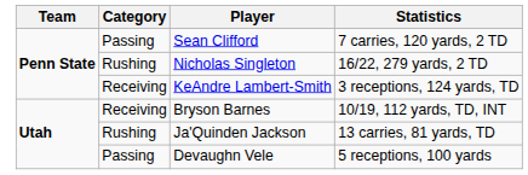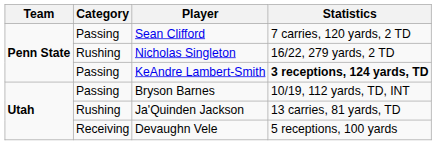 <table class="wikitable" style="float: right;">
 <tr>
 <th>Team</th>
 <th>Category</th>
 <th>Player</th>
 <th>Statistics</th>
 </tr>
 <tr>
 <td rowspan=3><strong>Penn State</strong></td>
 <td>Passing</td>
 <td><a href='#'>Sean Clifford</a></td>
 <td>7 carries, 120 yards, 2 TD</td>
 </tr>
 <tr>
 <td>Rushing</td>
 <td><a href='#'>Nicholas Singleton</a></td>
 <td>16/22, 279 yards, 2 TD</td>
 </tr>
 <tr>
-<td>Receiving</td>
+<td>Passing</td>
 <td><a href='#'>KeAndre Lambert-Smith</a></td>
-<td>3 receptions, 124 yards, TD</td>
+<td><strong>3 receptions, 124 yards, TD</strong></td>
 </tr>
 <tr>
 <td rowspan=3><strong>Utah</strong></td>
-<td>Receiving</td>
+<td>Passing</td>
 <td>Bryson Barnes</td>
 <td>10/19, 112 yards, TD, INT</td>
 </tr>
 <tr>
 <td>Rushing</td>
 <td>Ja'Quinden Jackson</td>
 <td>13 carries, 81 yards, TD</td>
 </tr>
 <tr>
-<td>Passing</td>
+<td>Receiving</td>
 <td>Devaughn Vele</td>
 <td>5 receptions, 100 yards</td>
 </tr>
 </table>
